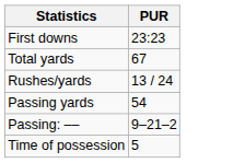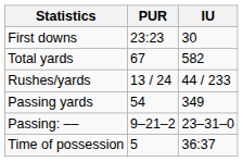 <table class="wikitable" style="float:left">
 <tr>
 <th>Statistics</th>
 <th>PUR</th>
+<th>IU</th>
 </tr>
 <tr>
 <td>First downs</td>
 <td>23:23</td>
+<td>30</td>
 </tr>
 <tr>
 <td>Total yards</td>
 <td>67</td>
+<td>582</td>
 </tr>
 <tr>
 <td>Rushes/yards</td>
 <td>13 / 24</td>
+<td>44 / 233</td>
 </tr>
 <tr>
 <td>Passing yards</td>
 <td>54</td>
+<td>349</td>
 </tr>
 <tr>
 <td>Passing: ––</td>
 <td>9–21–2</td>
+<td>23–31–0</td>
 </tr>
 <tr>
 <td>Time of possession</td>
 <td>5</td>
+<td>36:37</td>
 </tr>
 </table>
